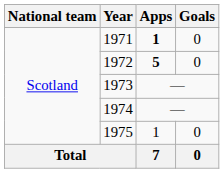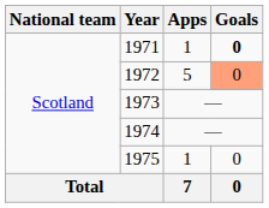 <table class="wikitable" style="text-align:center">
 <tr>
 <th>National team</th>
 <th>Year</th>
 <th>Apps</th>
 <th>Goals</th>
 </tr>
 <tr>
 <td rowspan="5"><a href='#'>Scotland</a></td>
 <td>1971</td>
-<td><strong>1</strong></td>
-<td>0</td>
+<td>1</td>
+<td><strong>0</strong></td>
 </tr>
 <tr>
 <td>1972</td>
-<td><strong>5</strong></td>
-<td>0</td>
+<td>5</td>
+<td style="background: lightsalmon;">0</td>
 </tr>
 <tr>
 <td>1973</td>
 <td colspan="2">—</td>
 </tr>
 <tr>
 <td>1974</td>
 <td colspan="2">—</td>
 </tr>
 <tr>
 <td>1975</td>
 <td>1</td>
 <td>0</td>
 </tr>
 <tr>
 <th colspan="2">Total</th>
 <th>7</th>
 <th>0</th>
 </tr>
 </table>
